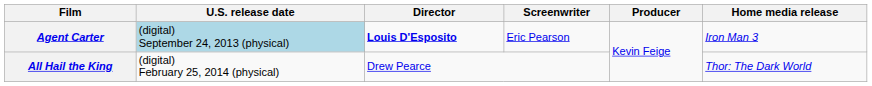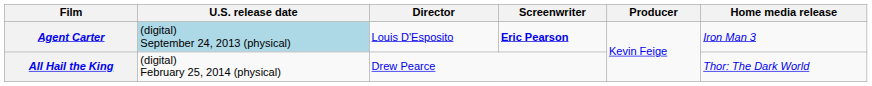 <table class="wikitable plainrowheaders defaultcenter col2left" style="width: 99%;">
 <tr>
 <th scope="col">Film</th>
 <th scope="col">U.S. release date</th>
 <th scope="col">Director</th>
 <th scope="col">Screenwriter</th>
 <th scope="col">Producer</th>
 <th scope="col">Home media release</th>
 </tr>
 <tr>
 <th scope="row"><em><a href='#'>Agent Carter</a></em></th>
 <td style="background: lightblue;"> (digital)<br>September 24, 2013 (physical)</td>
-<td><strong><a href='#'>Louis D'Esposito</a></strong></td>
-<td><a href='#'>Eric Pearson</a></td>
+<td><a href='#'>Louis D'Esposito</a></td>
+<td><strong><a href='#'>Eric Pearson</a></strong></td>
 <td rowspan="2"><a href='#'>Kevin Feige</a></td>
 <td><em><a href='#'>Iron Man 3</a></em></td>
 </tr>
 <tr>
 <th scope="row"><em><a href='#'>All Hail the King</a></em></th>
 <td> (digital)<br>February 25, 2014 (physical)</td>
 <td colspan="2"><a href='#'>Drew Pearce</a></td>
 <td><em><a href='#'>Thor: The Dark World</a></em></td>
 </tr>
 </table>
